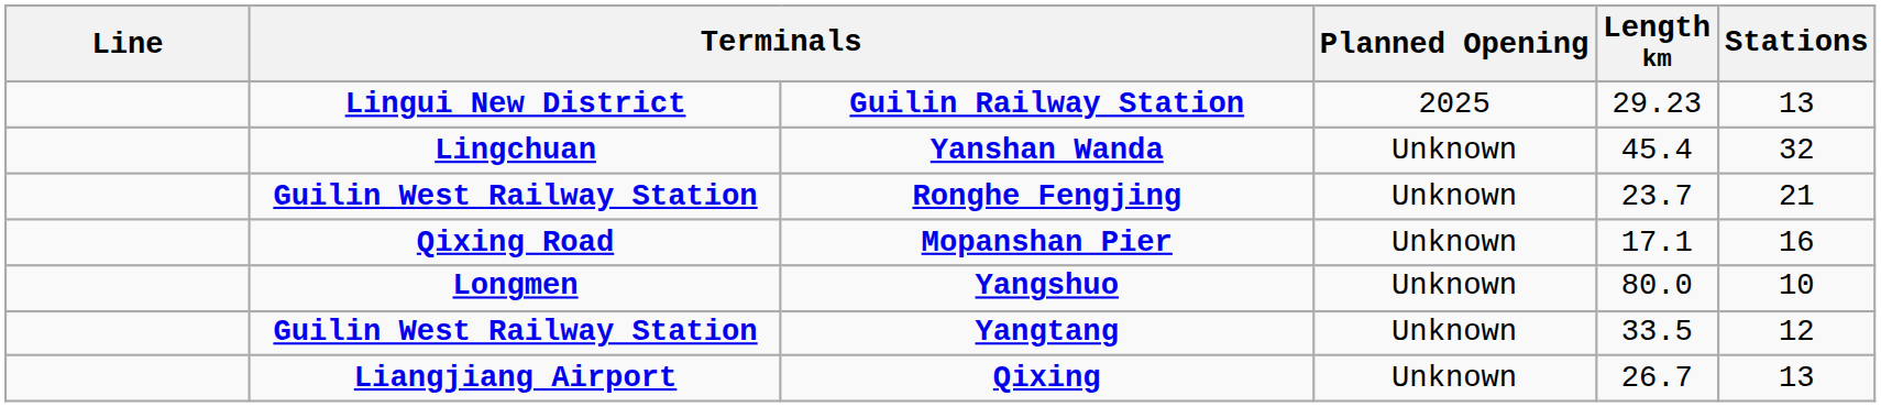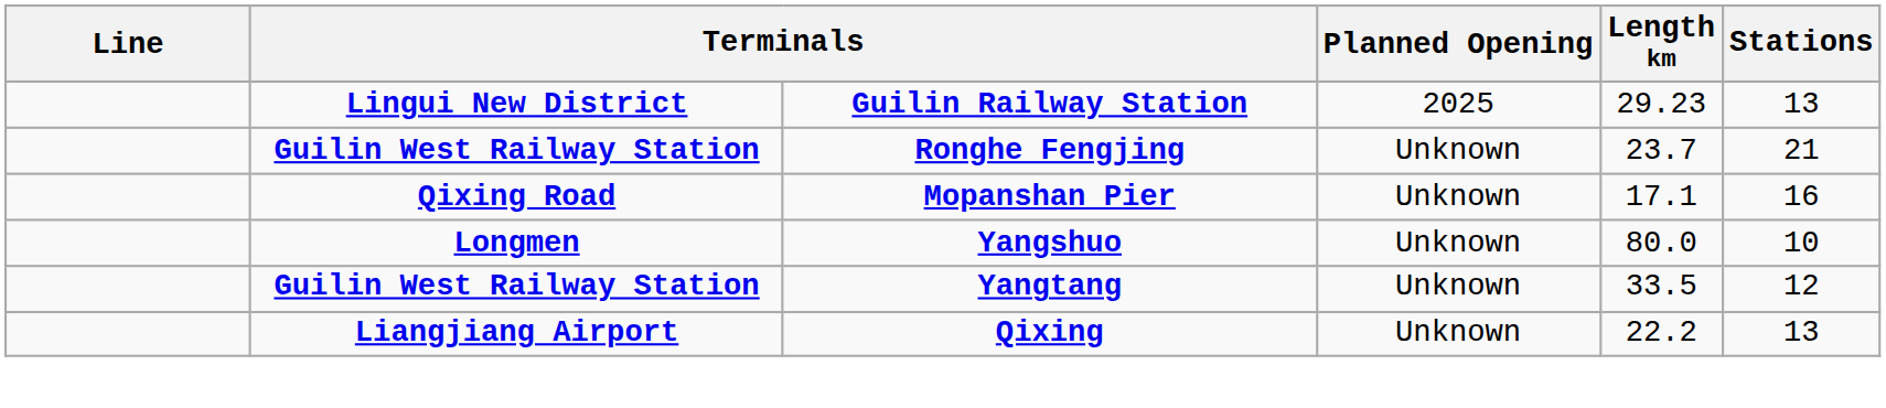 <table class="wikitable sortable" style="cell-padding:1.5; font-size:100%; text-align:center;">
 <tr>
 <th data-sort-type="text"style="width:100px;">Line</th>
 <th class="unsortable" colspan="2" style="width:400px; line-height:1.05">Terminals</th>
 <th>Planned Opening</th>
 <th style="line-height:1.05">Length<br><small>km</small></th>
 <th style="line-height:1.05">Stations</th>
 </tr>
 <tr>
 <td style="text-align:center; line-height:1.05"></td>
 <td style="text-align:center; width:225px; line-height:1.05"><strong><a href='#'>Lingui New District</a></strong></td>
 <td style="text-align:center; width:225px; line-height:1.05"><strong><a href='#'>Guilin Railway Station</a></strong></td>
 <td style="text-align:center; line-height:1.05">2025</td>
 <td style="text-align:center; line-height:1.05">29.23</td>
 <td style="text-align:center; line-height:1.05">13</td>
-</tr>
-<tr>
-<td style="text-align:center; line-height:1.05"></td>
-<td style="text-align:center; width:225px; line-height:1.05"><strong><a href='#'>Lingchuan</a></strong></td>
-<td style="text-align:center; width:225px; line-height:1.05"><strong><a href='#'>Yanshan Wanda</a></strong></td>
-<td style="text-align:center; line-height:1.05">Unknown</td>
-<td style="text-align:center; line-height:1.05">45.4</td>
-<td style="text-align:center; line-height:1.05">32</td>
 </tr>
 <tr>
 <td style="text-align:center; line-height:1.05"></td>
 <td style="text-align:center; width:225px; line-height:1.05"><strong><a href='#'>Guilin West Railway Station</a></strong></td>
 <td style="text-align:center; width:225px; line-height:1.05"><strong><a href='#'>Ronghe Fengjing</a></strong></td>
 <td style="text-align:center; line-height:1.05">Unknown</td>
 <td style="text-align:center; line-height:1.05">23.7</td>
 <td style="text-align:center; line-height:1.05">21</td>
 </tr>
 <tr>
 <td style="text-align:center; line-height:1.05"></td>
 <td style="text-align:center; width:225px; line-height:1.05"><strong><a href='#'>Qixing Road</a></strong></td>
 <td style="text-align:center; width:225px; line-height:1.05"><strong><a href='#'>Mopanshan Pier</a></strong></td>
 <td style="text-align:center; line-height:1.05">Unknown</td>
 <td style="text-align:center; line-height:1.05">17.1</td>
 <td style="text-align:center; line-height:1.05">16</td>
 </tr>
 <tr>
 <td style="text-align:center; line-height:1.05"></td>
 <td style="text-align:center; width:225px; line-height:1.05"><strong><a href='#'>Longmen</a></strong></td>
 <td style="text-align:center; width:225px; line-height:1.05"><strong><a href='#'>Yangshuo</a></strong></td>
 <td style="text-align:center; line-height:1.05">Unknown</td>
 <td style="text-align:center; line-height:1.05">80.0</td>
 <td style="text-align:center; line-height:1.05">10</td>
 </tr>
 <tr>
 <td style="text-align:center; line-height:1.05"></td>
 <td style="text-align:center; width:225px; line-height:1.05"><strong><a href='#'>Guilin West Railway Station</a></strong></td>
 <td style="text-align:center; width:225px; line-height:1.05"><strong><a href='#'>Yangtang</a></strong></td>
 <td style="text-align:center; line-height:1.05">Unknown</td>
 <td style="text-align:center; line-height:1.05">33.5</td>
 <td style="text-align:center; line-height:1.05">12</td>
 </tr>
 <tr>
 <td style="text-align:center; line-height:1.05"></td>
 <td style="text-align:center; width:225px; line-height:1.05"><strong><a href='#'>Liangjiang Airport</a></strong></td>
 <td style="text-align:center; width:225px; line-height:1.05"><strong><a href='#'>Qixing</a></strong></td>
 <td style="text-align:center; line-height:1.05">Unknown</td>
-<td style="text-align:center; line-height:1.05">26.7</td>
+<td style="text-align:center; line-height:1.05">22.2</td>
 <td style="text-align:center; line-height:1.05">13</td>
 </tr>
 </table>
